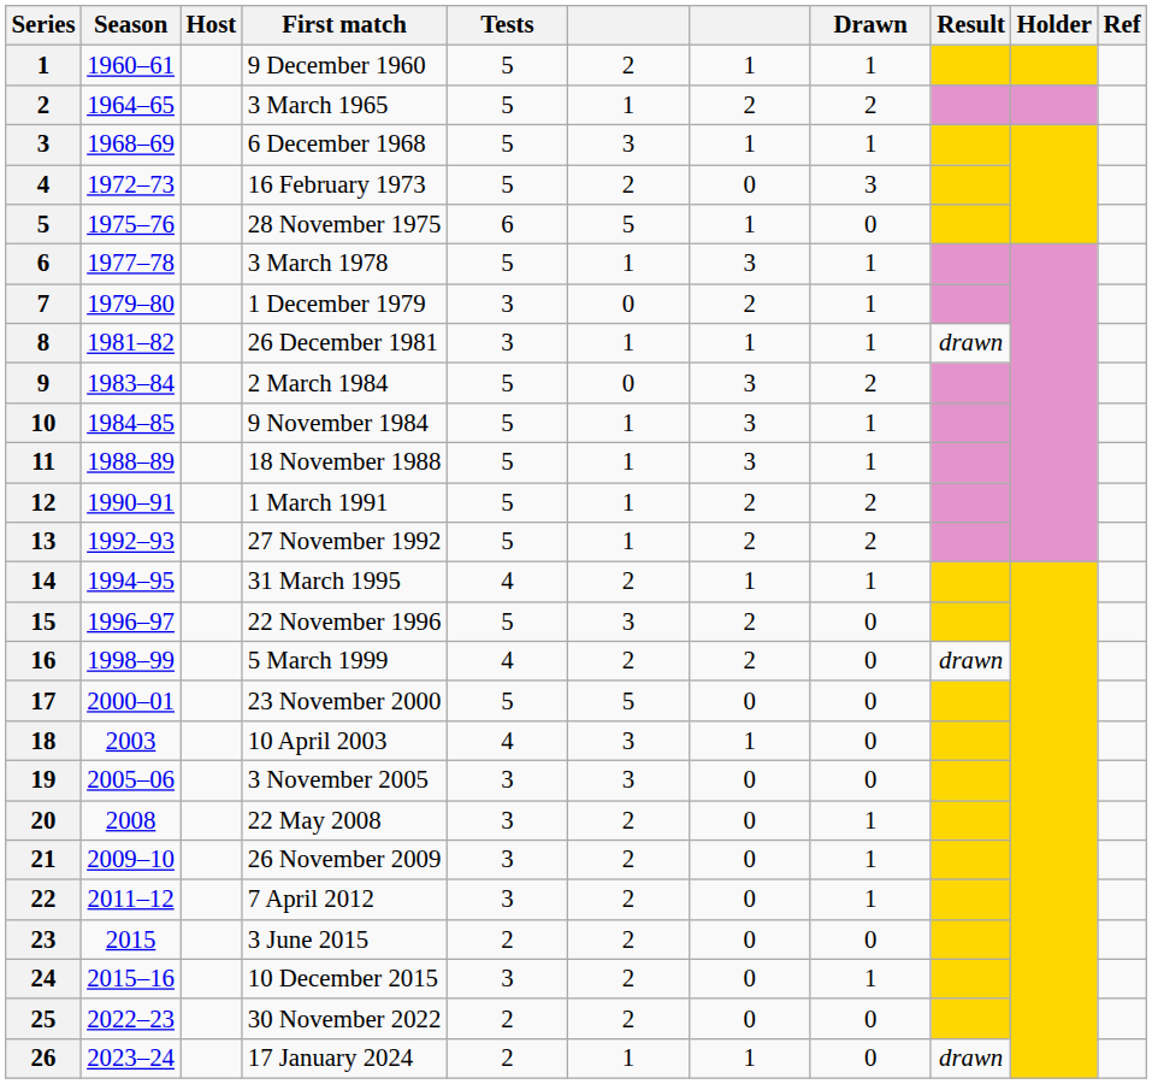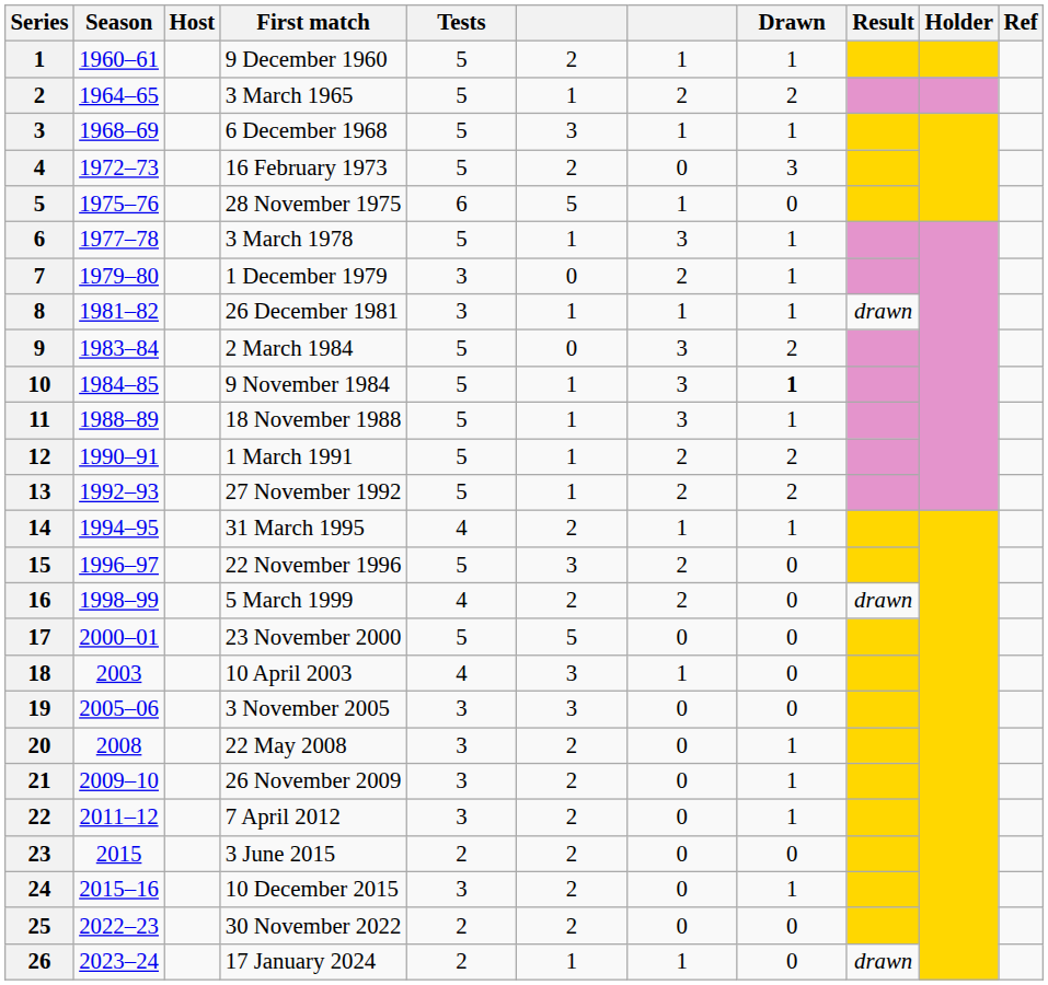 <table class="sortable wikitable">
 <tr bgcolor=#efefef>
 <th scope=col>Series</th>
 <th scope=col>Season</th>
 <th scope=col>Host</th>
 <th scope=col>First match</th>
 <th width=70px>Tests</th>
 <th width=70px></th>
 <th width=70px></th>
 <th width=70px>Drawn</th>
 <th scope=col class=unsortable>Result</th>
 <th scope=col class=unsortable>Holder</th>
 <th scope=col class=unsortable>Ref</th>
 </tr>
 <tr>
 <th scope=row align=center>1</th>
 <td align=center><a href='#'>1960–61</a></td>
 <td></td>
 <td>9 December 1960</td>
 <td align=center>5</td>
 <td align=center>2</td>
 <td align=center>1</td>
 <td align=center>1</td>
 <td style="background:Gold"></td>
 <td style="background:Gold"></td>
 <td align=center></td>
 </tr>
 <tr>
 <th scope=row align=center>2</th>
 <td align=center><a href='#'>1964–65</a></td>
 <td></td>
 <td>3 March 1965</td>
 <td align=center>5</td>
 <td align=center>1</td>
 <td align=center>2</td>
 <td align=center>2</td>
 <td style="background:#E494CC"></td>
 <td style="background:#E494CC"></td>
 <td align=center></td>
 </tr>
 <tr>
 <th scope=row align=center>3</th>
 <td align=center><a href='#'>1968–69</a></td>
 <td></td>
 <td>6 December 1968</td>
 <td align=center>5</td>
 <td align=center>3</td>
 <td align=center>1</td>
 <td align=center>1</td>
 <td style="background:Gold"></td>
 <td rowspan=3 style="background:Gold"></td>
 <td align=center></td>
 </tr>
 <tr>
 <th scope=row align=center>4</th>
 <td align=center><a href='#'>1972–73</a></td>
 <td></td>
 <td>16 February 1973</td>
 <td align=center>5</td>
 <td align=center>2</td>
 <td align=center>0</td>
 <td align=center>3</td>
 <td style="background:Gold"></td>
 <td align=center></td>
 </tr>
 <tr>
 <th scope=row align=center>5</th>
 <td align=center><a href='#'>1975–76</a></td>
 <td></td>
 <td>28 November 1975</td>
 <td align=center>6</td>
 <td align=center>5</td>
 <td align=center>1</td>
 <td align=center>0</td>
 <td style="background:Gold"></td>
 <td align=center></td>
 </tr>
 <tr>
 <th scope=row align=center>6</th>
 <td align=center><a href='#'>1977–78</a></td>
 <td></td>
 <td>3 March 1978</td>
 <td align=center>5</td>
 <td align=center>1</td>
 <td align=center>3</td>
 <td align=center>1</td>
 <td style="background:#E494CC"></td>
 <td rowspan=8 style="background:#E494CC"></td>
 <td align=center></td>
 </tr>
 <tr>
 <th scope=row align=center>7</th>
 <td align=center><a href='#'>1979–80</a></td>
 <td></td>
 <td>1 December 1979</td>
 <td align=center>3</td>
 <td align=center>0</td>
 <td align=center>2</td>
 <td align=center>1</td>
 <td style="background:#E494CC"></td>
 <td align=center></td>
 </tr>
 <tr>
 <th scope=row align=center>8</th>
 <td align=center><a href='#'>1981–82</a></td>
 <td></td>
 <td>26 December 1981</td>
 <td align=center>3</td>
 <td align=center>1</td>
 <td align=center>1</td>
 <td align=center>1</td>
 <td align=center><em>drawn</em></td>
 <td align=center></td>
 </tr>
 <tr>
 <th scope=row align=center>9</th>
 <td align=center><a href='#'>1983–84</a></td>
 <td></td>
 <td>2 March 1984</td>
 <td align=center>5</td>
 <td align=center>0</td>
 <td align=center>3</td>
 <td align=center>2</td>
 <td style="background:#E494CC"></td>
 <td align=center></td>
 </tr>
 <tr>
 <th scope=row align=center>10</th>
 <td align=center><a href='#'>1984–85</a></td>
 <td></td>
 <td>9 November 1984</td>
 <td align=center>5</td>
 <td align=center>1</td>
 <td align=center>3</td>
-<td align=center>1</td>
+<td align=center><strong>1</strong></td>
 <td style="background:#E494CC"></td>
 <td align=center></td>
 </tr>
 <tr>
 <th scope=row align=center>11</th>
 <td align=center><a href='#'>1988–89</a></td>
 <td></td>
 <td>18 November 1988</td>
 <td align=center>5</td>
 <td align=center>1</td>
 <td align=center>3</td>
 <td align=center>1</td>
 <td style="background:#E494CC"></td>
 <td align=center></td>
 </tr>
 <tr>
 <th scope=row align=center>12</th>
 <td align=center><a href='#'>1990–91</a></td>
 <td></td>
 <td>1 March 1991</td>
 <td align=center>5</td>
 <td align=center>1</td>
 <td align=center>2</td>
 <td align=center>2</td>
 <td style="background:#E494CC"></td>
 <td align=center></td>
 </tr>
 <tr>
 <th scope=row align=center>13</th>
 <td align=center><a href='#'>1992–93</a></td>
 <td></td>
 <td>27 November 1992</td>
 <td align=center>5</td>
 <td align=center>1</td>
 <td align=center>2</td>
 <td align=center>2</td>
 <td style="background:#E494CC"></td>
 <td align=center></td>
 </tr>
 <tr>
 <th scope=row align=center>14</th>
 <td align=center><a href='#'>1994–95</a></td>
 <td></td>
 <td>31 March 1995</td>
 <td align=center>4</td>
 <td align=center>2</td>
 <td align=center>1</td>
 <td align=center>1</td>
 <td style="background:Gold"></td>
 <td rowspan=13 style="background:Gold"></td>
 <td align=center></td>
 </tr>
 <tr>
 <th scope=row align=center>15</th>
 <td align=center><a href='#'>1996–97</a></td>
 <td></td>
 <td>22 November 1996</td>
 <td align=center>5</td>
 <td align=center>3</td>
 <td align=center>2</td>
 <td align=center>0</td>
 <td style="background:Gold"></td>
 <td align=center></td>
 </tr>
 <tr>
 <th scope=row align=center>16</th>
 <td align=center><a href='#'>1998–99</a></td>
 <td></td>
 <td>5 March 1999</td>
 <td align=center>4</td>
 <td align=center>2</td>
 <td align=center>2</td>
 <td align=center>0</td>
 <td align=center><em>drawn</em></td>
 <td align=center></td>
 </tr>
 <tr>
 <th scope=row align=center>17</th>
 <td align=center><a href='#'>2000–01</a></td>
 <td></td>
 <td>23 November 2000</td>
 <td align=center>5</td>
 <td align=center>5</td>
 <td align=center>0</td>
 <td align=center>0</td>
 <td style="background:Gold"></td>
 <td align=center></td>
 </tr>
 <tr>
 <th scope=row align=center>18</th>
 <td align=center><a href='#'>2003</a></td>
 <td></td>
 <td>10 April 2003</td>
 <td align=center>4</td>
 <td align=center>3</td>
 <td align=center>1</td>
 <td align=center>0</td>
 <td style="background:Gold"></td>
 <td align=center></td>
 </tr>
 <tr>
 <th scope=row align=center>19</th>
 <td align=center><a href='#'>2005–06</a></td>
 <td></td>
 <td>3 November 2005</td>
 <td align=center>3</td>
 <td align=center>3</td>
 <td align=center>0</td>
 <td align=center>0</td>
 <td style="background:Gold"></td>
 <td align=center></td>
 </tr>
 <tr>
 <th scope=row align=center>20</th>
 <td align=center><a href='#'>2008</a></td>
 <td></td>
 <td>22 May 2008</td>
 <td align=center>3</td>
 <td align=center>2</td>
 <td align=center>0</td>
 <td align=center>1</td>
 <td style="background:Gold"></td>
 <td align=center></td>
 </tr>
 <tr>
 <th scope=row align=center>21</th>
 <td align=center><a href='#'>2009–10</a></td>
 <td></td>
 <td>26 November 2009</td>
 <td align=center>3</td>
 <td align=center>2</td>
 <td align=center>0</td>
 <td align=center>1</td>
 <td style="background:Gold"></td>
 <td align=center></td>
 </tr>
 <tr>
 <th scope=row align=center>22</th>
 <td align=center><a href='#'>2011–12</a></td>
 <td></td>
 <td>7 April 2012</td>
 <td align=center>3</td>
 <td align=center>2</td>
 <td align=center>0</td>
 <td align=center>1</td>
 <td style="background:Gold"></td>
 <td align=center></td>
 </tr>
 <tr>
 <th scope=row align=center>23</th>
 <td align=center><a href='#'>2015</a></td>
 <td></td>
 <td>3 June 2015</td>
 <td align=center>2</td>
 <td align=center>2</td>
 <td align=center>0</td>
 <td align=center>0</td>
 <td style="background:Gold"></td>
 <td align=center></td>
 </tr>
 <tr>
 <th scope=row align=center>24</th>
 <td align=center><a href='#'>2015–16</a></td>
 <td></td>
 <td>10 December 2015</td>
 <td align=center>3</td>
 <td align=center>2</td>
 <td align=center>0</td>
 <td align=center>1</td>
 <td style="background:Gold"></td>
 <td align=center></td>
 </tr>
 <tr>
 <th scope=row align=center>25</th>
 <td align=center><a href='#'>2022–23</a></td>
 <td></td>
 <td>30 November 2022</td>
 <td align=center>2</td>
 <td align=center>2</td>
 <td align=center>0</td>
 <td align=center>0</td>
 <td style="background:Gold"></td>
 <td align=center></td>
 </tr>
 <tr>
 <th scope=row align=center>26</th>
 <td align=center><a href='#'>2023–24</a></td>
 <td></td>
 <td>17 January 2024</td>
 <td align=center>2</td>
 <td align=center>1</td>
 <td align=center>1</td>
 <td align=center>0</td>
 <td align=center><em>drawn</em></td>
 <td align=center></td>
 </tr>
 </table>
